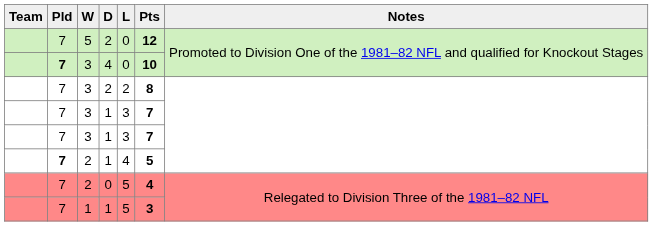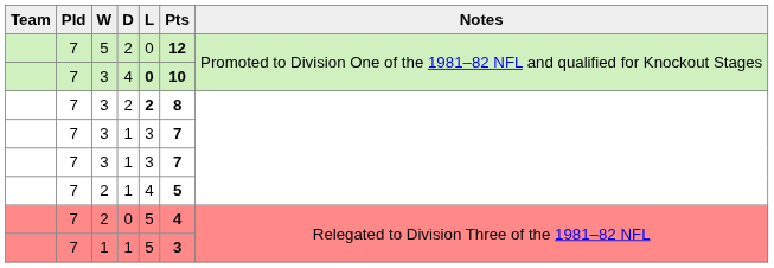 <table style=border-collapse:collapse border=1 cellspacing=0 cellpadding=5>
 <tr align=center bgcolor=#efefef>
 <th>Team</th>
 <th>Pld</th>
 <th>W</th>
 <th>D</th>
 <th>L</th>
 <th>Pts</th>
 <th>Notes</th>
 </tr>
 <tr align=center style="background:#D0F0C0;">
 <td style="text-align:left;"> </td>
 <td>7</td>
 <td>5</td>
 <td>2</td>
 <td>0</td>
 <td><strong>12</strong></td>
 <td rowspan=2>Promoted to Division One of the <a href='#'>1981–82 NFL</a> and qualified for Knockout Stages</td>
 </tr>
 <tr align=center style="background:#D0F0C0;">
 <td style="text-align:left;"> </td>
-<td><strong>7</strong></td>
+<td>7</td>
 <td>3</td>
 <td>4</td>
-<td>0</td>
+<td><strong>0</strong></td>
 <td><strong>10</strong></td>
 </tr>
 <tr align=center style="background:#FFFFFF;">
 <td style="text-align:left;"> </td>
 <td>7</td>
 <td>3</td>
 <td>2</td>
-<td>2</td>
+<td><strong>2</strong></td>
 <td><strong>8</strong></td>
 <td rowspan=4></td>
 </tr>
 <tr align=center style="background:#FFFFFF;">
 <td style="text-align:left;"> </td>
 <td>7</td>
 <td>3</td>
 <td>1</td>
 <td>3</td>
 <td><strong>7</strong></td>
 </tr>
 <tr align=center style="background:#FFFFFF;">
 <td style="text-align:left;"> </td>
 <td>7</td>
 <td>3</td>
 <td>1</td>
 <td>3</td>
 <td><strong>7</strong></td>
 </tr>
 <tr align=center style="background:#FFFFFF;">
 <td style="text-align:left;"> </td>
-<td><strong>7</strong></td>
+<td>7</td>
 <td>2</td>
 <td>1</td>
 <td>4</td>
 <td><strong>5</strong></td>
 </tr>
 <tr align=center style="background:#FF8888;">
 <td style="text-align:left;"> </td>
 <td>7</td>
 <td>2</td>
 <td>0</td>
 <td>5</td>
 <td><strong>4</strong></td>
 <td rowspan=2>Relegated to Division Three of the <a href='#'>1981–82 NFL</a></td>
 </tr>
 <tr align=center style="background:#FF8888;">
 <td style="text-align:left;"> </td>
 <td>7</td>
 <td>1</td>
 <td>1</td>
 <td>5</td>
 <td><strong>3</strong></td>
 </tr>
 </table>
